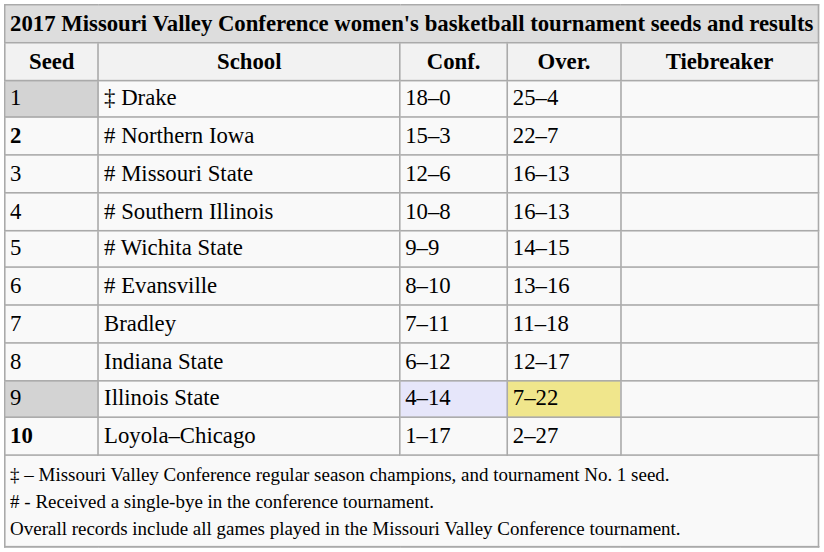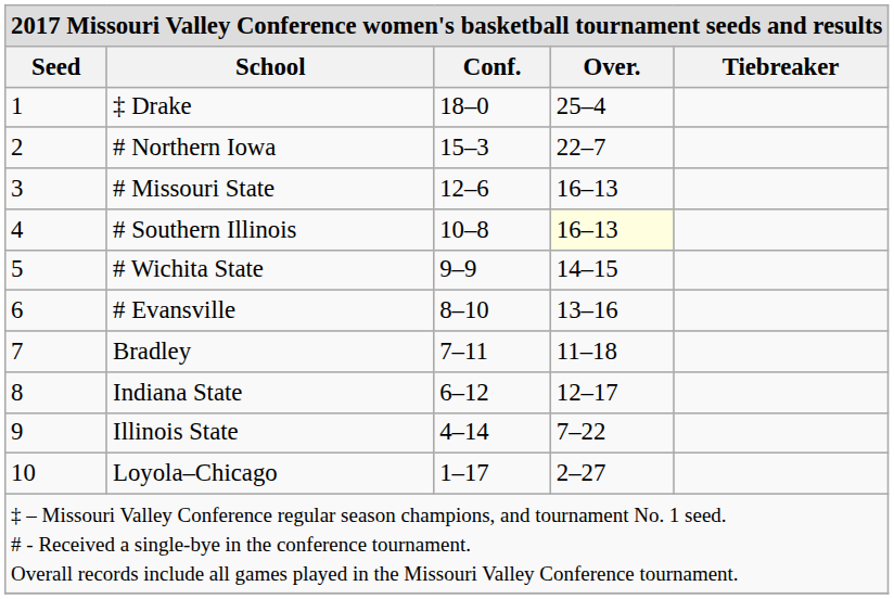 <table class="wikitable" style="white-space:nowrap; font-size:90%;">
 <tr>
 <td colspan="10" style="text-align:center; background:#DDDDDD; font:#000000"><strong>2017 Missouri Valley Conference women's basketball tournament seeds and results</strong></td>
 </tr>
 <tr bgcolor="#efefef">
 <th>Seed</th>
 <th>School</th>
 <th>Conf.</th>
 <th>Over.</th>
 <th>Tiebreaker</th>
 </tr>
 <tr>
-<td style="background: lightgrey;">1</td>
+<td>1</td>
 <td>‡ Drake</td>
 <td>18–0</td>
 <td>25–4</td>
 <td></td>
 </tr>
 <tr>
-<td><strong>2</strong></td>
+<td>2</td>
 <td># Northern Iowa</td>
 <td>15–3</td>
 <td>22–7</td>
 <td></td>
 </tr>
 <tr>
 <td>3</td>
 <td># Missouri State</td>
 <td>12–6</td>
 <td>16–13</td>
 <td></td>
 </tr>
 <tr>
 <td>4</td>
 <td># Southern Illinois</td>
 <td>10–8</td>
-<td>16–13</td>
+<td style="background: lightyellow;">16–13</td>
 <td></td>
 </tr>
 <tr>
 <td>5</td>
 <td># Wichita State</td>
 <td>9–9</td>
 <td>14–15</td>
 <td></td>
 </tr>
 <tr>
 <td>6</td>
 <td># Evansville</td>
 <td>8–10</td>
 <td>13–16</td>
 <td></td>
 </tr>
 <tr>
 <td>7</td>
 <td>Bradley</td>
 <td>7–11</td>
 <td>11–18</td>
 <td></td>
 </tr>
 <tr>
 <td>8</td>
 <td>Indiana State</td>
 <td>6–12</td>
 <td>12–17</td>
 <td></td>
 </tr>
 <tr>
-<td style="background: lightgrey;">9</td>
+<td>9</td>
 <td>Illinois State</td>
-<td style="background: lavender;">4–14</td>
-<td style="background: khaki;">7–22</td>
+<td>4–14</td>
+<td>7–22</td>
 <td></td>
 </tr>
 <tr>
-<td><strong>10</strong></td>
+<td>10</td>
 <td>Loyola–Chicago</td>
 <td>1–17</td>
 <td>2–27</td>
 <td></td>
 </tr>
 <tr>
 <td colspan="10" style="text-align:left;"><small>‡ – Missouri Valley Conference regular season champions, and tournament No. 1 seed.<br># - Received a single-bye in the conference tournament.<br>Overall records include all games played in the Missouri Valley Conference tournament.</small></td>
 </tr>
 <tr>
 </tr>
 </table>
